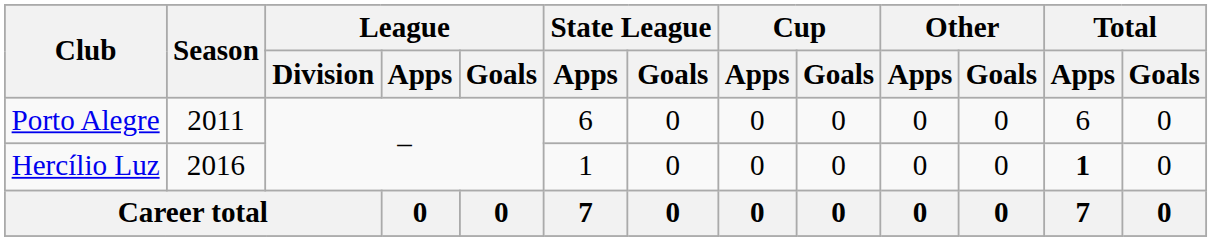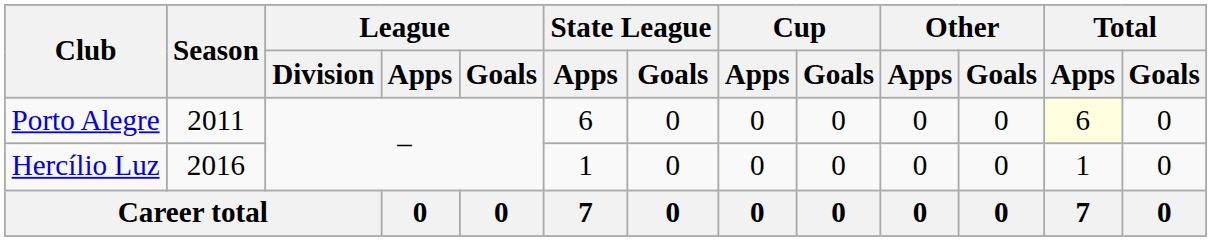 <table class="wikitable" style="text-align: center">
 <tr>
 <th rowspan="2">Club</th>
 <th rowspan="2">Season</th>
 <th colspan="3">League</th>
 <th colspan="2">State League</th>
 <th colspan="2">Cup</th>
 <th colspan="2">Other</th>
 <th colspan="2">Total</th>
 </tr>
 <tr>
 <th>Division</th>
 <th>Apps</th>
 <th>Goals</th>
 <th>Apps</th>
 <th>Goals</th>
 <th>Apps</th>
 <th>Goals</th>
 <th>Apps</th>
 <th>Goals</th>
 <th>Apps</th>
 <th>Goals</th>
 </tr>
 <tr>
 <td><a href='#'>Porto Alegre</a></td>
 <td>2011</td>
 <td colspan="3" rowspan="2">–</td>
 <td>6</td>
 <td>0</td>
 <td>0</td>
 <td>0</td>
 <td>0</td>
 <td>0</td>
-<td>6</td>
+<td style="background: lightyellow;">6</td>
 <td>0</td>
 </tr>
 <tr>
 <td><a href='#'>Hercílio Luz</a></td>
 <td>2016</td>
 <td>1</td>
 <td>0</td>
 <td>0</td>
 <td>0</td>
 <td>0</td>
 <td>0</td>
-<td><strong>1</strong></td>
+<td>1</td>
 <td>0</td>
 </tr>
 <tr>
 <th colspan="3"><strong>Career total</strong></th>
 <th>0</th>
 <th>0</th>
 <th>7</th>
 <th>0</th>
 <th>0</th>
 <th>0</th>
 <th>0</th>
 <th>0</th>
 <th>7</th>
 <th>0</th>
 </tr>
 </table>
